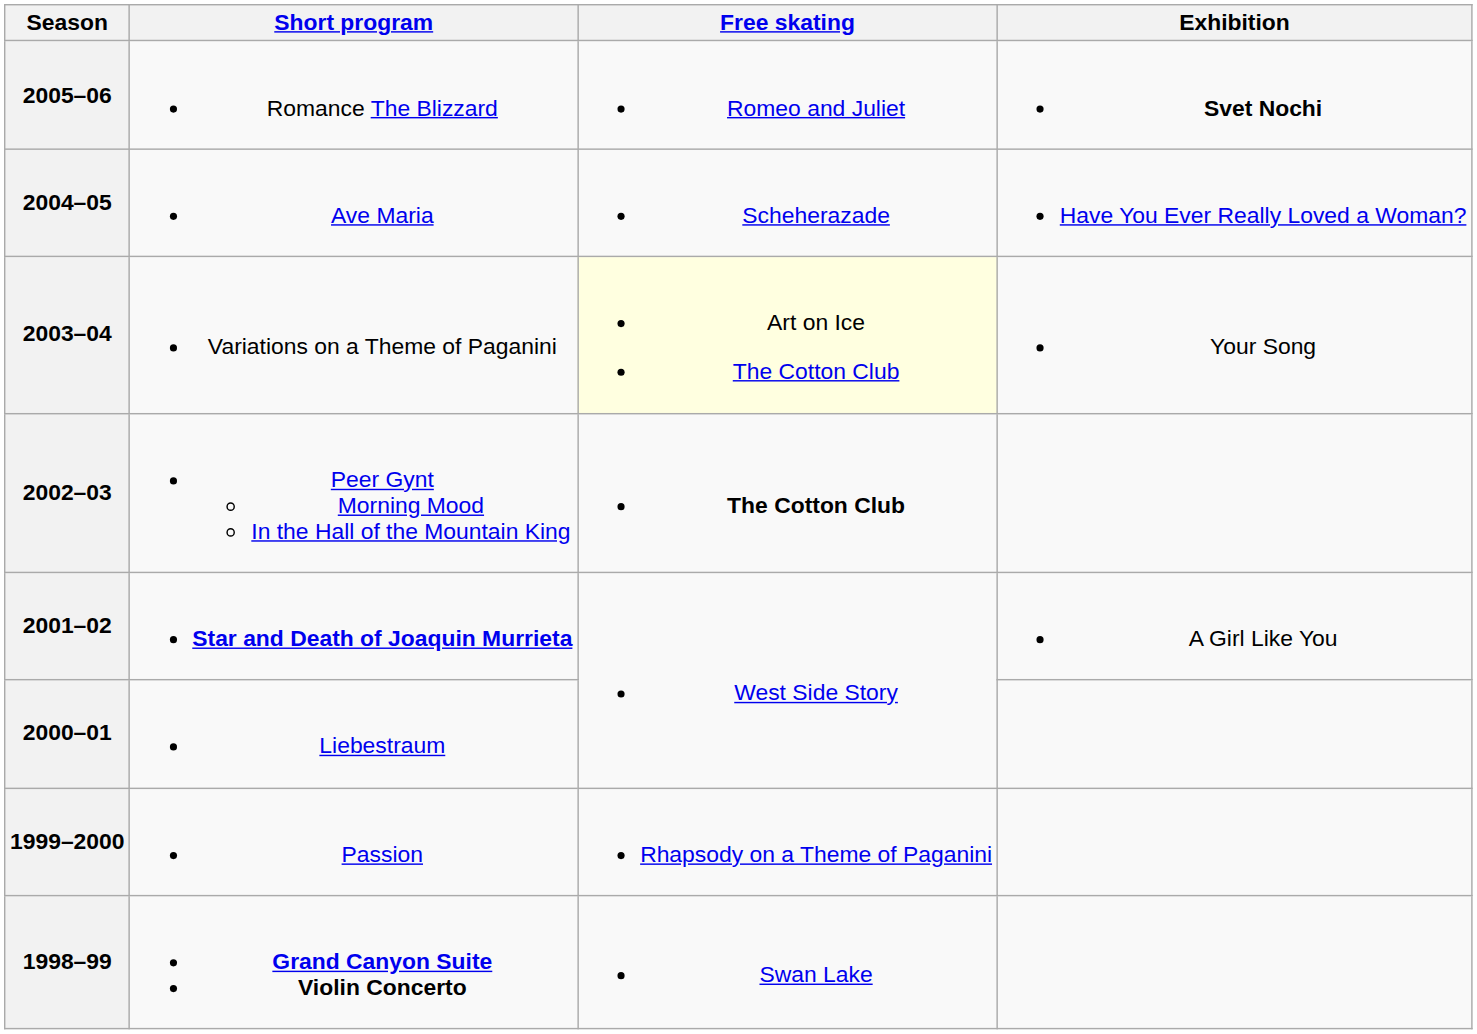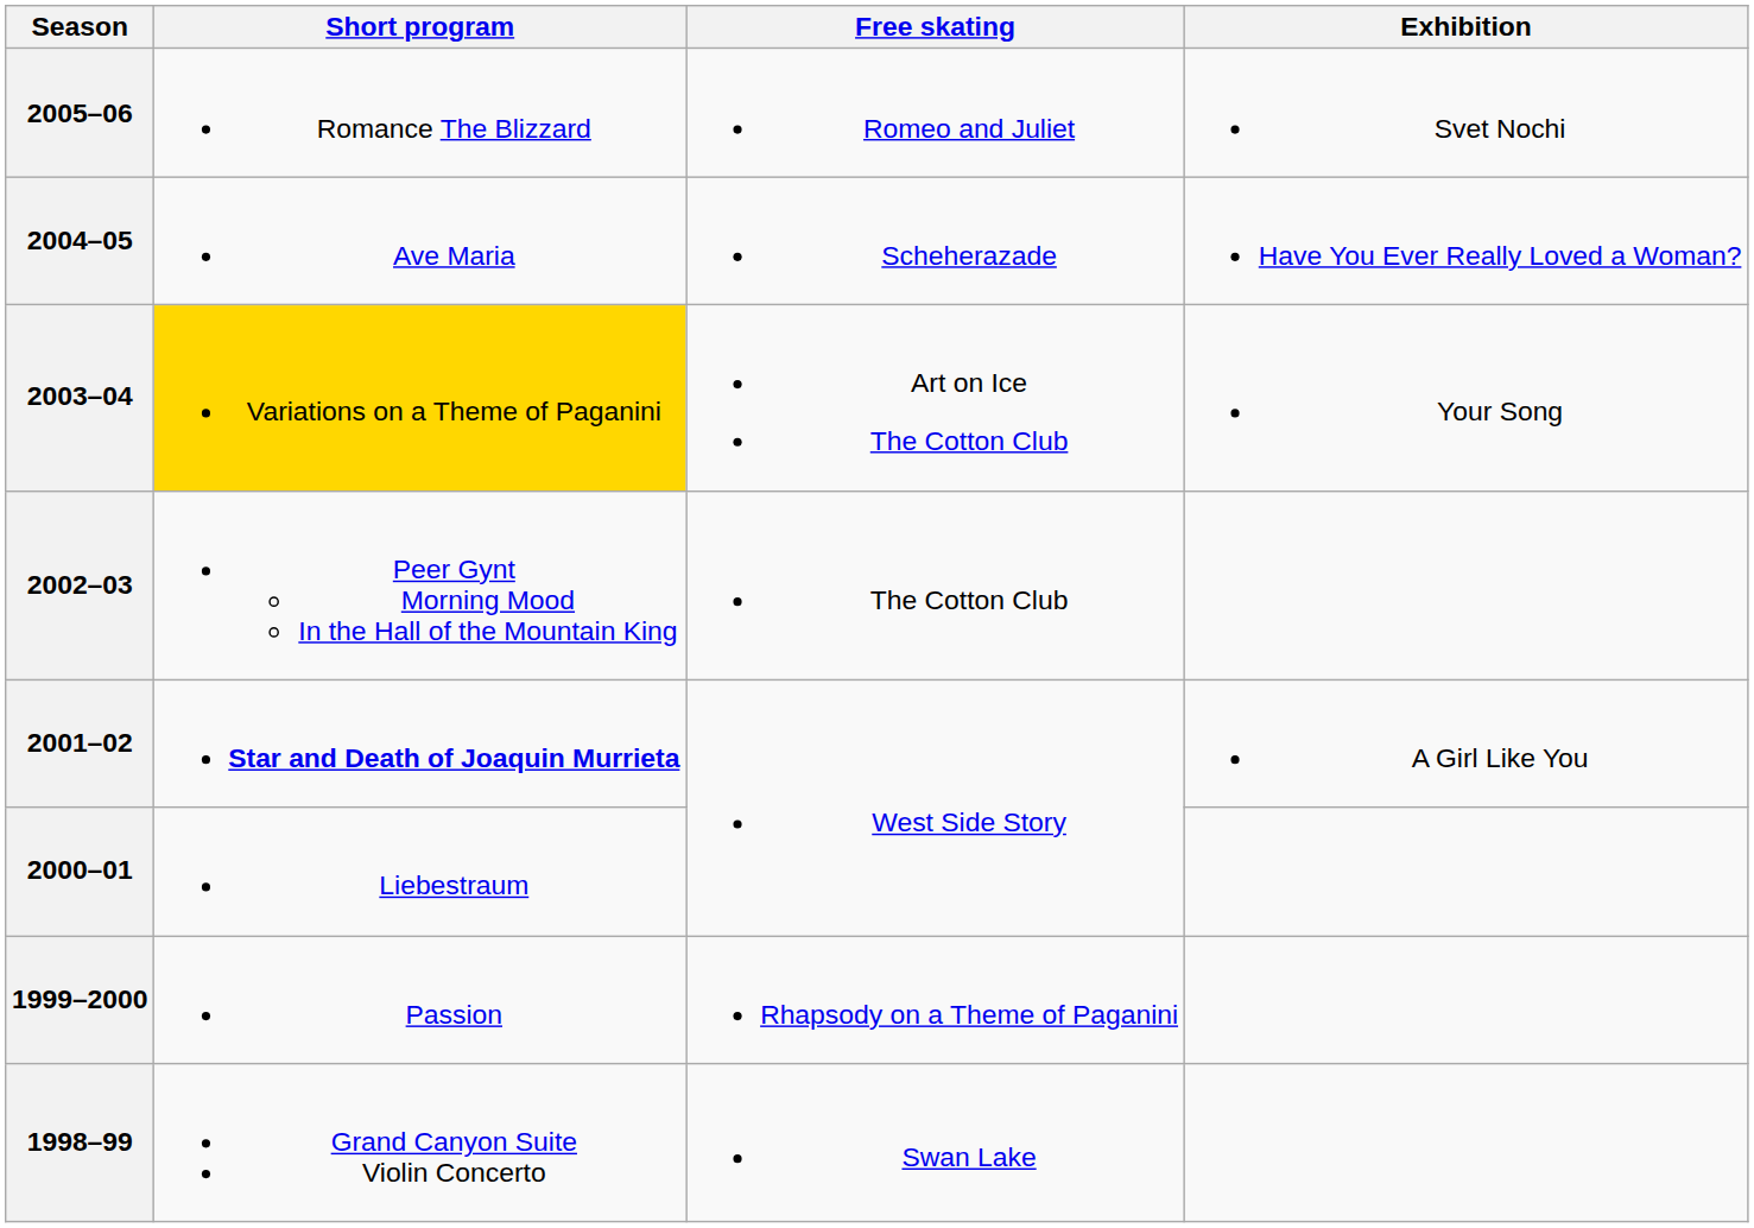 <table class="wikitable" style="text-align:center">
 <tr>
 <th>Season</th>
 <th><a href='#'>Short program</a></th>
 <th><a href='#'>Free skating</a></th>
 <th>Exhibition</th>
 </tr>
 <tr>
 <th>2005–06 <br> </th>
 <td><br><ul><li>Romance  <a href='#'>The Blizzard</a> <br></li></ul></td>
 <td><br><ul><li><a href='#'>Romeo and Juliet</a> <br></li></ul></td>
-<td><strong><br><ul><li>Svet Nochi <br></li></ul></strong></td>
+<td><br><ul><li>Svet Nochi <br></li></ul></td>
 </tr>
 <tr>
 <th>2004–05 <br> </th>
 <td><br><ul><li><a href='#'>Ave Maria</a> <br></li></ul></td>
 <td><br><ul><li><a href='#'>Scheherazade</a> <br></li></ul></td>
 <td><br><ul><li><a href='#'>Have You Ever Really Loved a Woman?</a> <br></li></ul></td>
 </tr>
 <tr>
 <th>2003–04 <br> </th>
-<td><br><ul><li>Variations on a Theme of Paganini <br></li></ul></td>
-<td style="background: lightyellow;"><br><ul><li>Art on Ice <br></li></ul><ul><li><a href='#'>The Cotton Club</a> <br></li></ul></td>
+<td style="background: gold;"><br><ul><li>Variations on a Theme of Paganini <br></li></ul></td>
+<td><br><ul><li>Art on Ice <br></li></ul><ul><li><a href='#'>The Cotton Club</a> <br></li></ul></td>
 <td><br><ul><li>Your Song</li></ul></td>
 </tr>
 <tr>
 <th>2002–03 <br> </th>
 <td><br><ul><li><a href='#'>Peer Gynt</a> <br><ul><li><a href='#'>Morning Mood</a></li><li><a href='#'>In the Hall of the Mountain King</a></li></ul></li></ul></td>
-<td><strong><br><ul><li>The Cotton Club <br></li></ul></strong></td>
+<td><br><ul><li>The Cotton Club <br></li></ul></td>
 <td></td>
 </tr>
 <tr>
 <th>2001–02 <br> </th>
 <td><strong><br><ul><li><a href='#'>Star and Death of Joaquin Murrieta</a> <br></li></ul></strong></td>
 <td rowspan=2><br><ul><li><a href='#'>West Side Story</a> <br></li></ul></td>
 <td><br><ul><li>A Girl Like You <br></li></ul></td>
 </tr>
 <tr>
 <th>2000–01 <br> </th>
 <td><br><ul><li><a href='#'>Liebestraum</a> <br></li></ul></td>
 <td></td>
 </tr>
 <tr>
 <th>1999–2000 <br> </th>
 <td><br><ul><li><a href='#'>Passion</a> <br></li></ul></td>
 <td><br><ul><li><a href='#'>Rhapsody on a Theme of Paganini</a> <br></li></ul></td>
 <td></td>
 </tr>
 <tr>
 <th>1998–99</th>
-<td><strong><br><ul><li><a href='#'>Grand Canyon Suite</a> <br></li><li>Violin Concerto <br></li></ul></strong></td>
+<td><br><ul><li><a href='#'>Grand Canyon Suite</a> <br></li><li>Violin Concerto <br></li></ul></td>
 <td><br><ul><li><a href='#'>Swan Lake</a> <br></li></ul></td>
 <td></td>
 </tr>
 </table>
